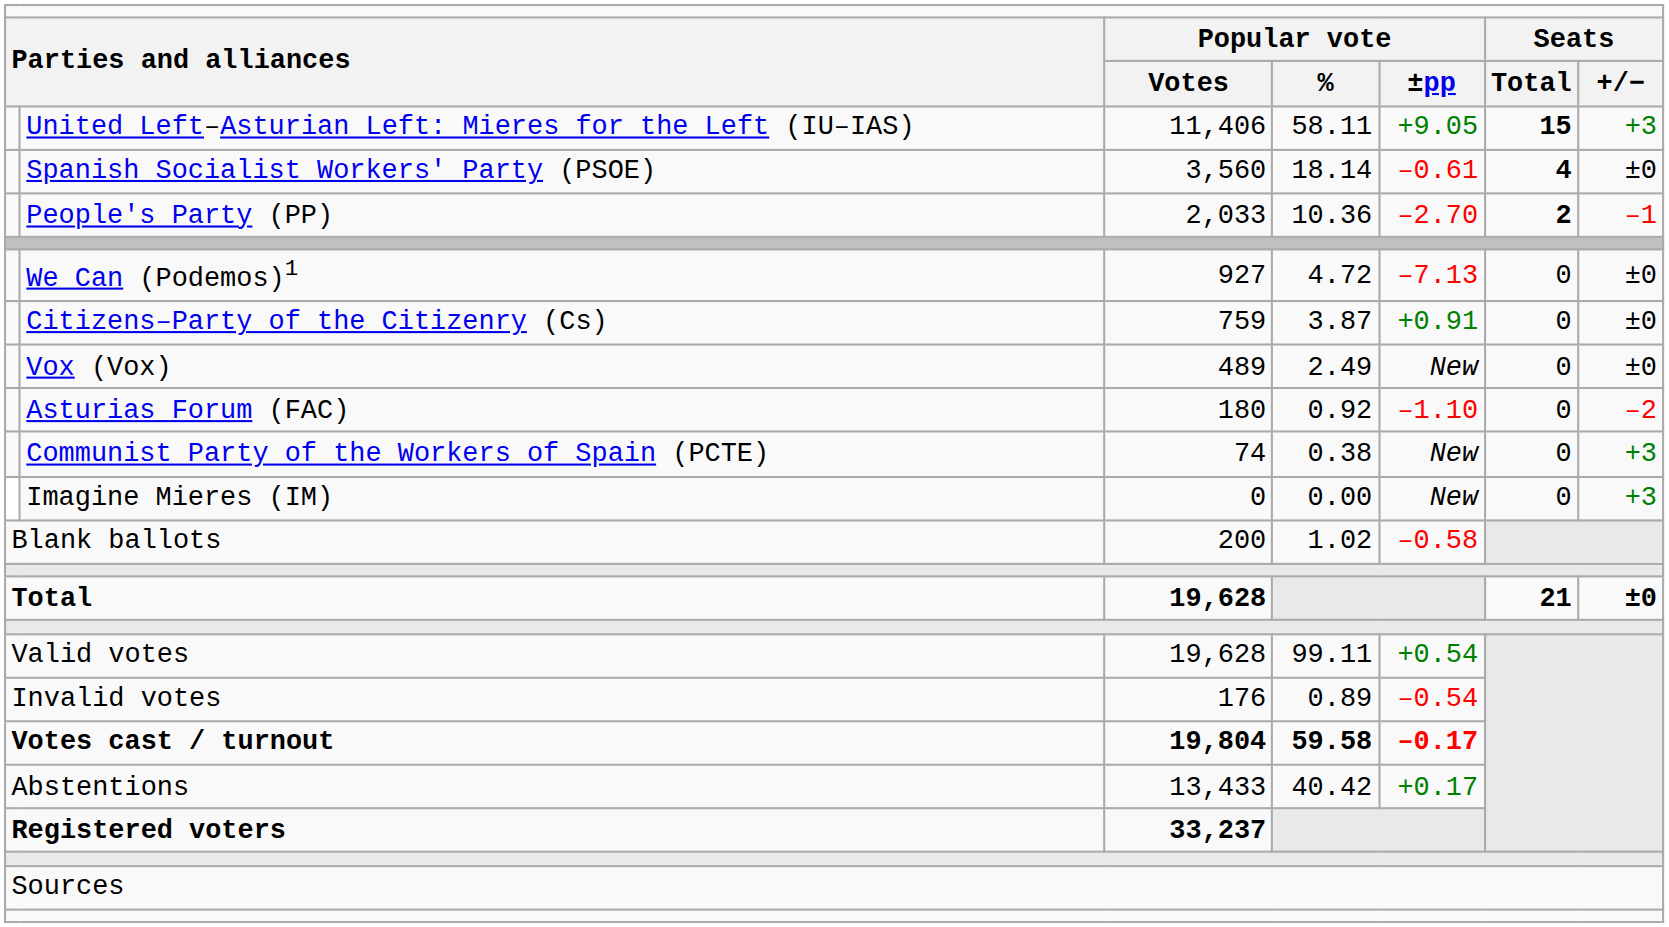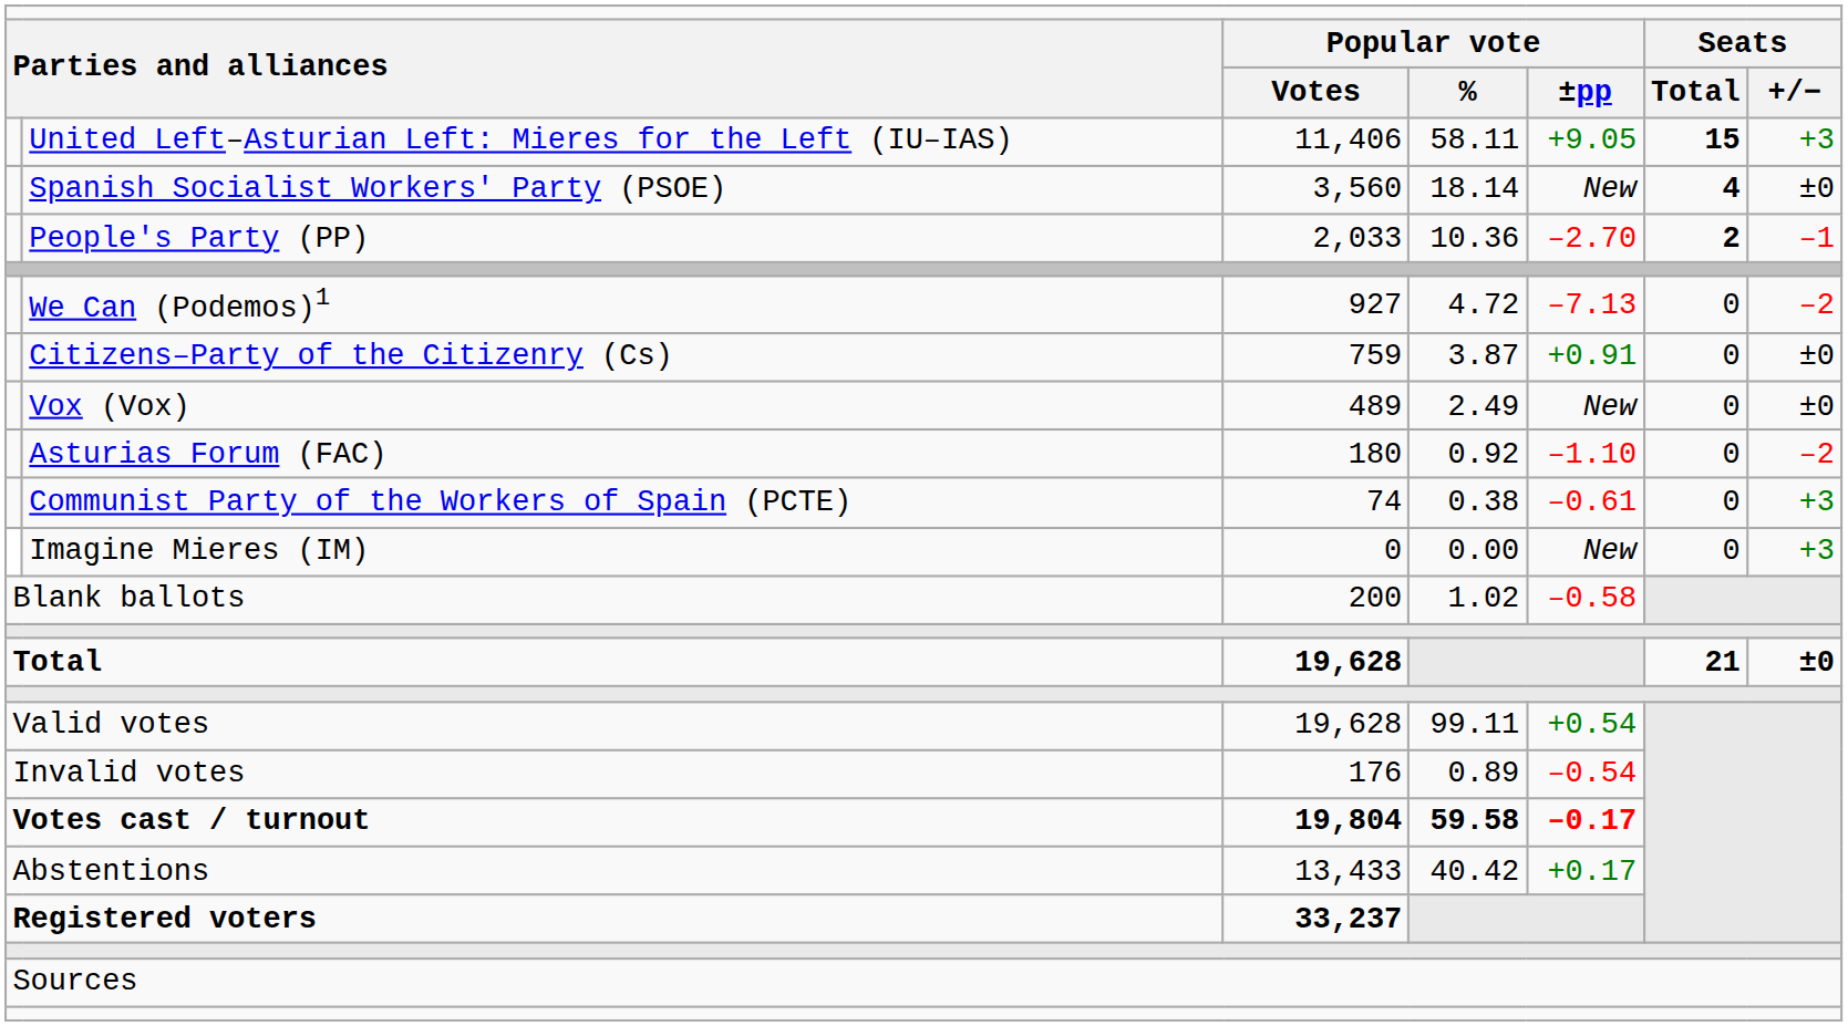 <table class="wikitable" style="text-align:right;">
 <tr>
 <td colspan="7"></td>
 </tr>
 <tr>
 <th style="text-align:left;" rowspan="2" colspan="2" width="525">Parties and alliances</th>
 <th colspan="3">Popular vote</th>
 <th colspan="2">Seats</th>
 </tr>
 <tr>
 <th width="75">Votes</th>
 <th width="45">%</th>
 <th width="45">±<a href='#'>pp</a></th>
 <th width="35">Total</th>
 <th width="35">+/−</th>
 </tr>
 <tr>
 <td width="1" style="color:inherit;background:"></td>
 <td align="left"><a href='#'>United Left</a>–<a href='#'>Asturian Left: Mieres for the Left</a> (IU–IAS)</td>
 <td>11,406</td>
 <td>58.11</td>
 <td style="color:green;">+9.05</td>
 <td><strong>15</strong></td>
 <td style="color:green;">+3</td>
 </tr>
 <tr>
 <td style="color:inherit;background:"></td>
 <td align="left"><a href='#'>Spanish Socialist Workers' Party</a> (PSOE)</td>
 <td>3,560</td>
 <td>18.14</td>
-<td style="color:red;">–0.61</td>
+<td><em>New</em></td>
 <td><strong>4</strong></td>
 <td>±0</td>
 </tr>
 <tr>
 <td style="color:inherit;background:"></td>
 <td align="left"><a href='#'>People's Party</a> (PP)</td>
 <td>2,033</td>
 <td>10.36</td>
 <td style="color:red;">–2.70</td>
 <td><strong>2</strong></td>
 <td style="color:red;">–1</td>
 </tr>
 <tr>
 <td colspan="7" style="color:inherit;background:#C0C0C0"></td>
 </tr>
 <tr>
 <td style="color:inherit;background:"></td>
 <td align="left"><a href='#'>We Can</a> (Podemos)<sup>1</sup></td>
 <td>927</td>
 <td>4.72</td>
 <td style="color:red;">–7.13</td>
 <td>0</td>
-<td>±0</td>
+<td style="color:red;">–2</td>
 </tr>
 <tr>
 <td style="color:inherit;background:"></td>
 <td align="left"><a href='#'>Citizens–Party of the Citizenry</a> (Cs)</td>
 <td>759</td>
 <td>3.87</td>
 <td style="color:green;">+0.91</td>
 <td>0</td>
 <td>±0</td>
 </tr>
 <tr>
 <td style="color:inherit;background:"></td>
 <td align="left"><a href='#'>Vox</a> (Vox)</td>
 <td>489</td>
 <td>2.49</td>
 <td><em>New</em></td>
 <td>0</td>
 <td>±0</td>
 </tr>
 <tr>
 <td style="color:inherit;background:"></td>
 <td align="left"><a href='#'>Asturias Forum</a> (FAC)</td>
 <td>180</td>
 <td>0.92</td>
 <td style="color:red;">–1.10</td>
 <td>0</td>
 <td style="color:red;">–2</td>
 </tr>
 <tr>
 <td style="color:inherit;background:"></td>
 <td align="left"><a href='#'>Communist Party of the Workers of Spain</a> (PCTE)</td>
 <td>74</td>
 <td>0.38</td>
-<td><em>New</em></td>
+<td style="color:red;">–0.61</td>
 <td>0</td>
 <td style="color:green;">+3</td>
 </tr>
 <tr>
 <td bgcolor="white"></td>
 <td align="left">Imagine Mieres (IM)</td>
 <td>0</td>
 <td>0.00</td>
 <td><em>New</em></td>
 <td>0</td>
 <td style="color:green;">+3</td>
 </tr>
 <tr>
 <td align="left" colspan="2">Blank ballots</td>
 <td>200</td>
 <td>1.02</td>
 <td style="color:red;">–0.58</td>
 <td style="color:inherit;background:#E9E9E9" colspan="2"></td>
 </tr>
 <tr>
 <td colspan="7" style="color:inherit;background:#E9E9E9"></td>
 </tr>
 <tr style="font-weight:bold;">
 <td align="left" colspan="2">Total</td>
 <td>19,628</td>
 <td bgcolor="#E9E9E9" colspan="2"></td>
 <td>21</td>
 <td>±0</td>
 </tr>
 <tr>
 <td colspan="7" style="color:inherit;background:#E9E9E9"></td>
 </tr>
 <tr>
 <td align="left" colspan="2">Valid votes</td>
 <td>19,628</td>
 <td>99.11</td>
 <td style="color:green;">+0.54</td>
 <td bgcolor="#E9E9E9" colspan="2" rowspan="5"></td>
 </tr>
 <tr>
 <td align="left" colspan="2">Invalid votes</td>
 <td>176</td>
 <td>0.89</td>
 <td style="color:red;">–0.54</td>
 </tr>
 <tr style="font-weight:bold;">
 <td align="left" colspan="2">Votes cast / turnout</td>
 <td>19,804</td>
 <td>59.58</td>
 <td style="color:red;">–0.17</td>
 </tr>
 <tr>
 <td align="left" colspan="2">Abstentions</td>
 <td>13,433</td>
 <td>40.42</td>
 <td style="color:green;">+0.17</td>
 </tr>
 <tr style="font-weight:bold;">
 <td align="left" colspan="2">Registered voters</td>
 <td>33,237</td>
 <td bgcolor="#E9E9E9" colspan="2"></td>
 </tr>
 <tr>
 <td colspan="7" style="color:inherit;background:#E9E9E9"></td>
 </tr>
 <tr>
 <td align="left" colspan="7">Sources</td>
 </tr>
 <tr>
 <td colspan="7" style="text-align:left; max-width:790px;"></td>
 </tr>
 </table>
